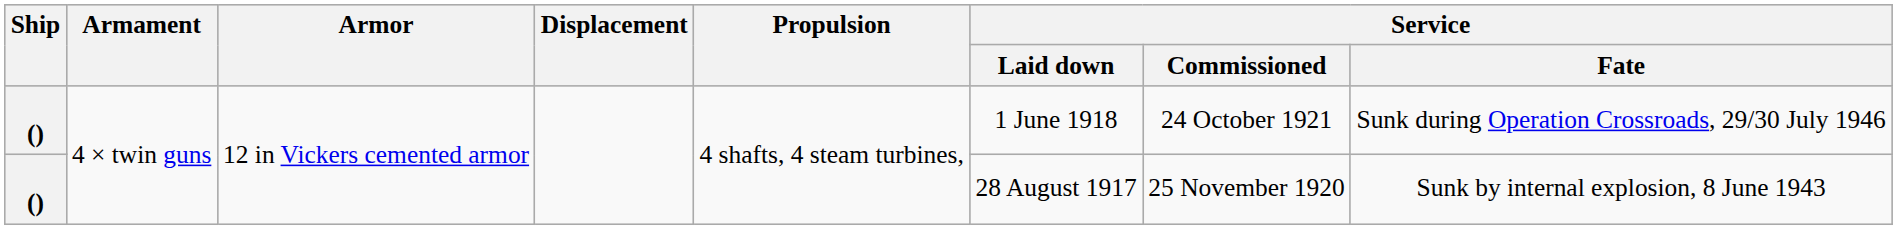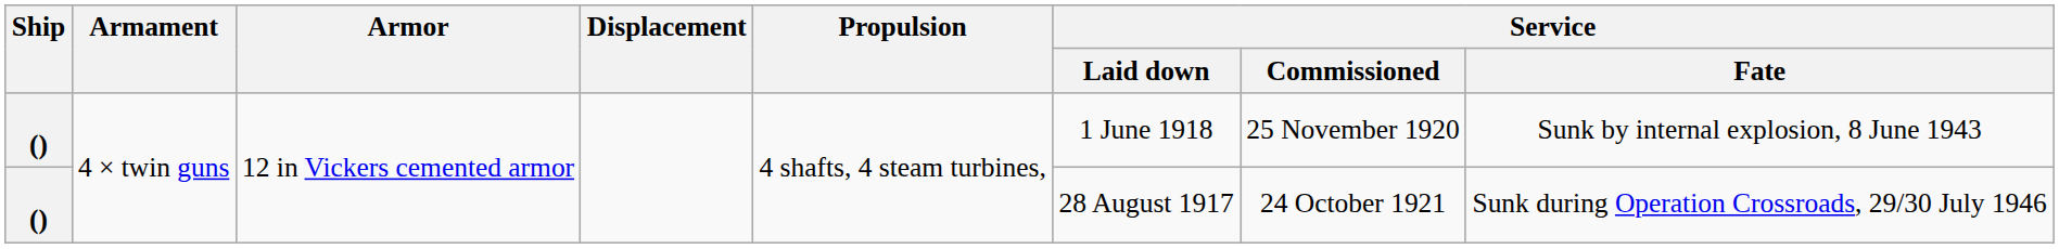 <table class="wikitable plainrowheaders" style="text-align: center;">
 <tr valign="top">
 <th scope="col" rowspan="2">Ship</th>
 <th scope="col" rowspan="2">Armament</th>
 <th scope="col" rowspan="2">Armor</th>
 <th scope="col" rowspan="2">Displacement</th>
 <th scope="col" rowspan="2">Propulsion</th>
 <th scope="col" colspan="3">Service</th>
 </tr>
 <tr valign="top">
 <th scope="col">Laid down</th>
 <th scope="col">Commissioned</th>
 <th scope="col">Fate</th>
 </tr>
 <tr valign="center">
 <th scope="row"><br>()</th>
 <td rowspan="2">4 × twin <a href='#'> guns</a></td>
 <td rowspan="2">12 in <a href='#'>Vickers cemented armor</a></td>
 <td rowspan="2"></td>
 <td rowspan="2">4 shafts, 4 steam turbines,<br></td>
 <td>1 June 1918</td>
-<td>24 October 1921</td>
-<td>Sunk during <a href='#'>Operation Crossroads</a>, 29/30 July 1946</td>
+<td>25 November 1920</td>
+<td>Sunk by internal explosion, 8 June 1943</td>
 </tr>
 <tr valign="center">
 <th scope="row"><br>()</th>
 <td>28 August 1917</td>
-<td>25 November 1920</td>
-<td>Sunk by internal explosion, 8 June 1943</td>
+<td>24 October 1921</td>
+<td>Sunk during <a href='#'>Operation Crossroads</a>, 29/30 July 1946</td>
 </tr>
 </table>
